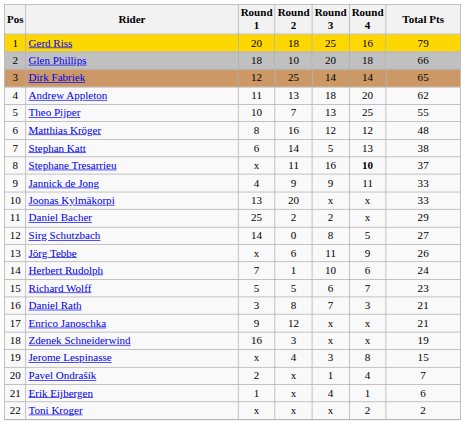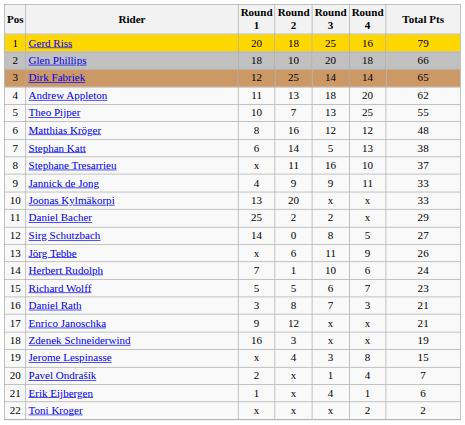 <table class="wikitable" style="font-size: 100%">
 <tr>
 <th width=20>Pos</th>
 <th width=300>Rider</th>
 <th width=40>Round 1</th>
 <th width=40>Round 2</th>
 <th width=40>Round 3</th>
 <th width=40>Round 4</th>
 <th width=100>Total Pts</th>
 </tr>
 <tr align=center style="background-color: gold;">
 <td>1</td>
 <td align="left"> <a href='#'>Gerd Riss</a></td>
 <td>20</td>
 <td>18</td>
 <td>25</td>
 <td>16</td>
 <td>79</td>
 </tr>
 <tr align=center style="background-color: silver;">
 <td>2</td>
 <td align="left"> <a href='#'>Glen Phillips</a></td>
 <td>18</td>
 <td>10</td>
 <td>20</td>
 <td>18</td>
 <td>66</td>
 </tr>
 <tr align=center style="background-color: #cc9966;">
 <td>3</td>
 <td align="left"> <a href='#'>Dirk Fabriek</a></td>
 <td>12</td>
 <td>25</td>
 <td>14</td>
 <td>14</td>
 <td>65</td>
 </tr>
 <tr align=center>
 <td>4</td>
 <td align="left"> <a href='#'>Andrew Appleton</a></td>
 <td>11</td>
 <td>13</td>
 <td>18</td>
 <td>20</td>
 <td>62</td>
 </tr>
 <tr align=center>
 <td>5</td>
 <td align="left"> <a href='#'>Theo Pijper</a></td>
 <td>10</td>
 <td>7</td>
 <td>13</td>
 <td>25</td>
 <td>55</td>
 </tr>
 <tr align=center>
 <td>6</td>
 <td align="left"> <a href='#'>Matthias Kröger</a></td>
 <td>8</td>
 <td>16</td>
 <td>12</td>
 <td>12</td>
 <td>48</td>
 </tr>
 <tr align=center>
 <td>7</td>
 <td align="left"> <a href='#'>Stephan Katt</a></td>
 <td>6</td>
 <td>14</td>
 <td>5</td>
 <td>13</td>
 <td>38</td>
 </tr>
 <tr align=center>
 <td>8</td>
 <td align="left"> <a href='#'>Stephane Tresarrieu</a></td>
 <td>x</td>
 <td>11</td>
 <td>16</td>
-<td><strong>10</strong></td>
+<td>10</td>
 <td>37</td>
 </tr>
 <tr align=center>
 <td>9</td>
 <td align="left"> <a href='#'>Jannick de Jong</a></td>
 <td>4</td>
 <td>9</td>
 <td>9</td>
 <td>11</td>
 <td>33</td>
 </tr>
 <tr align=center>
 <td>10</td>
 <td align="left"> <a href='#'>Joonas Kylmäkorpi</a></td>
 <td>13</td>
 <td>20</td>
 <td>x</td>
 <td>x</td>
 <td>33</td>
 </tr>
 <tr align=center>
 <td>11</td>
 <td align="left"> <a href='#'>Daniel Bacher</a></td>
 <td>25</td>
 <td>2</td>
 <td>2</td>
 <td>x</td>
 <td>29</td>
 </tr>
 <tr align=center>
 <td>12</td>
 <td align="left"> <a href='#'>Sirg Schutzbach</a></td>
 <td>14</td>
 <td>0</td>
 <td>8</td>
 <td>5</td>
 <td>27</td>
 </tr>
 <tr align=center>
 <td>13</td>
 <td align="left"> <a href='#'>Jörg Tebbe</a></td>
 <td>x</td>
 <td>6</td>
 <td>11</td>
 <td>9</td>
 <td>26</td>
 </tr>
 <tr align=center>
 <td>14</td>
 <td align="left"> <a href='#'>Herbert Rudolph</a></td>
 <td>7</td>
 <td>1</td>
 <td>10</td>
 <td>6</td>
 <td>24</td>
 </tr>
 <tr align=center>
 <td>15</td>
 <td align="left"> <a href='#'>Richard Wolff</a></td>
 <td>5</td>
 <td>5</td>
 <td>6</td>
 <td>7</td>
 <td>23</td>
 </tr>
 <tr align=center>
 <td>16</td>
 <td align="left"> <a href='#'>Daniel Rath</a></td>
 <td>3</td>
 <td>8</td>
 <td>7</td>
 <td>3</td>
 <td>21</td>
 </tr>
 <tr align=center>
 <td>17</td>
 <td align="left"> <a href='#'>Enrico Janoschka</a></td>
 <td>9</td>
 <td>12</td>
 <td>x</td>
 <td>x</td>
 <td>21</td>
 </tr>
 <tr align=center>
 <td>18</td>
 <td align="left"> <a href='#'>Zdenek Schneiderwind</a></td>
 <td>16</td>
 <td>3</td>
 <td>x</td>
 <td>x</td>
 <td>19</td>
 </tr>
 <tr align=center>
 <td>19</td>
 <td align="left"> <a href='#'>Jerome Lespinasse</a></td>
 <td>x</td>
 <td>4</td>
 <td>3</td>
 <td>8</td>
 <td>15</td>
 </tr>
 <tr align=center>
 <td>20</td>
 <td align="left"> <a href='#'>Pavel Ondrašík</a></td>
 <td>2</td>
 <td>x</td>
 <td>1</td>
 <td>4</td>
 <td>7</td>
 </tr>
 <tr align=center>
 <td>21</td>
 <td align="left"> <a href='#'>Erik Eijbergen</a></td>
 <td>1</td>
 <td>x</td>
 <td>4</td>
 <td>1</td>
 <td>6</td>
 </tr>
 <tr align=center>
 <td>22</td>
 <td align="left"> <a href='#'>Toni Kroger</a></td>
 <td>x</td>
 <td>x</td>
 <td>x</td>
 <td>2</td>
 <td>2</td>
 </tr>
 <tr align=center>
 </tr>
 </table>
